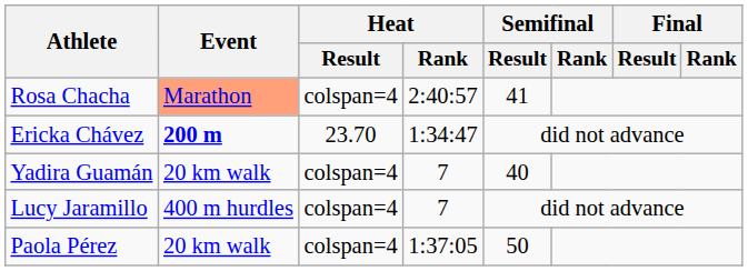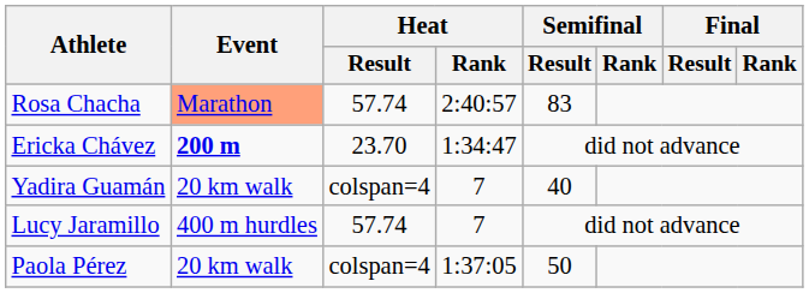 <table class="wikitable" style="font-size:90%">
 <tr>
 <th rowspan="2">Athlete</th>
 <th rowspan="2">Event</th>
 <th colspan="2">Heat</th>
 <th colspan="2">Semifinal</th>
 <th colspan="2">Final</th>
 </tr>
 <tr style="font-size:95%">
 <th>Result</th>
 <th>Rank</th>
 <th>Result</th>
 <th>Rank</th>
 <th>Result</th>
 <th>Rank</th>
 </tr>
 <tr align=center>
 <td align=left><a href='#'>Rosa Chacha</a></td>
 <td align=left style="background: lightsalmon;"><a href='#'>Marathon</a></td>
-<td>colspan=4 </td>
+<td>57.74</td>
 <td>2:40:57</td>
-<td>41</td>
+<td>83</td>
 </tr>
 <tr align=center>
 <td align=left><a href='#'>Ericka Chávez</a></td>
 <td align=left><strong><a href='#'>200 m</a></strong></td>
 <td>23.70</td>
 <td>1:34:47</td>
 <td colspan=4>did not advance</td>
 </tr>
 <tr align=center>
 <td align=left><a href='#'>Yadira Guamán</a></td>
 <td align=left><a href='#'>20 km walk</a></td>
 <td>colspan=4 </td>
 <td>7</td>
 <td>40</td>
 </tr>
 <tr align=center>
 <td align=left><a href='#'>Lucy Jaramillo</a></td>
 <td align=left><a href='#'>400 m hurdles</a></td>
-<td>colspan=4 </td>
+<td>57.74</td>
 <td>7</td>
 <td colspan=4>did not advance</td>
 </tr>
 <tr align=center>
 <td align=left><a href='#'>Paola Pérez</a></td>
 <td align=left><a href='#'>20 km walk</a></td>
 <td>colspan=4 </td>
 <td>1:37:05</td>
 <td>50</td>
 </tr>
 </table>
